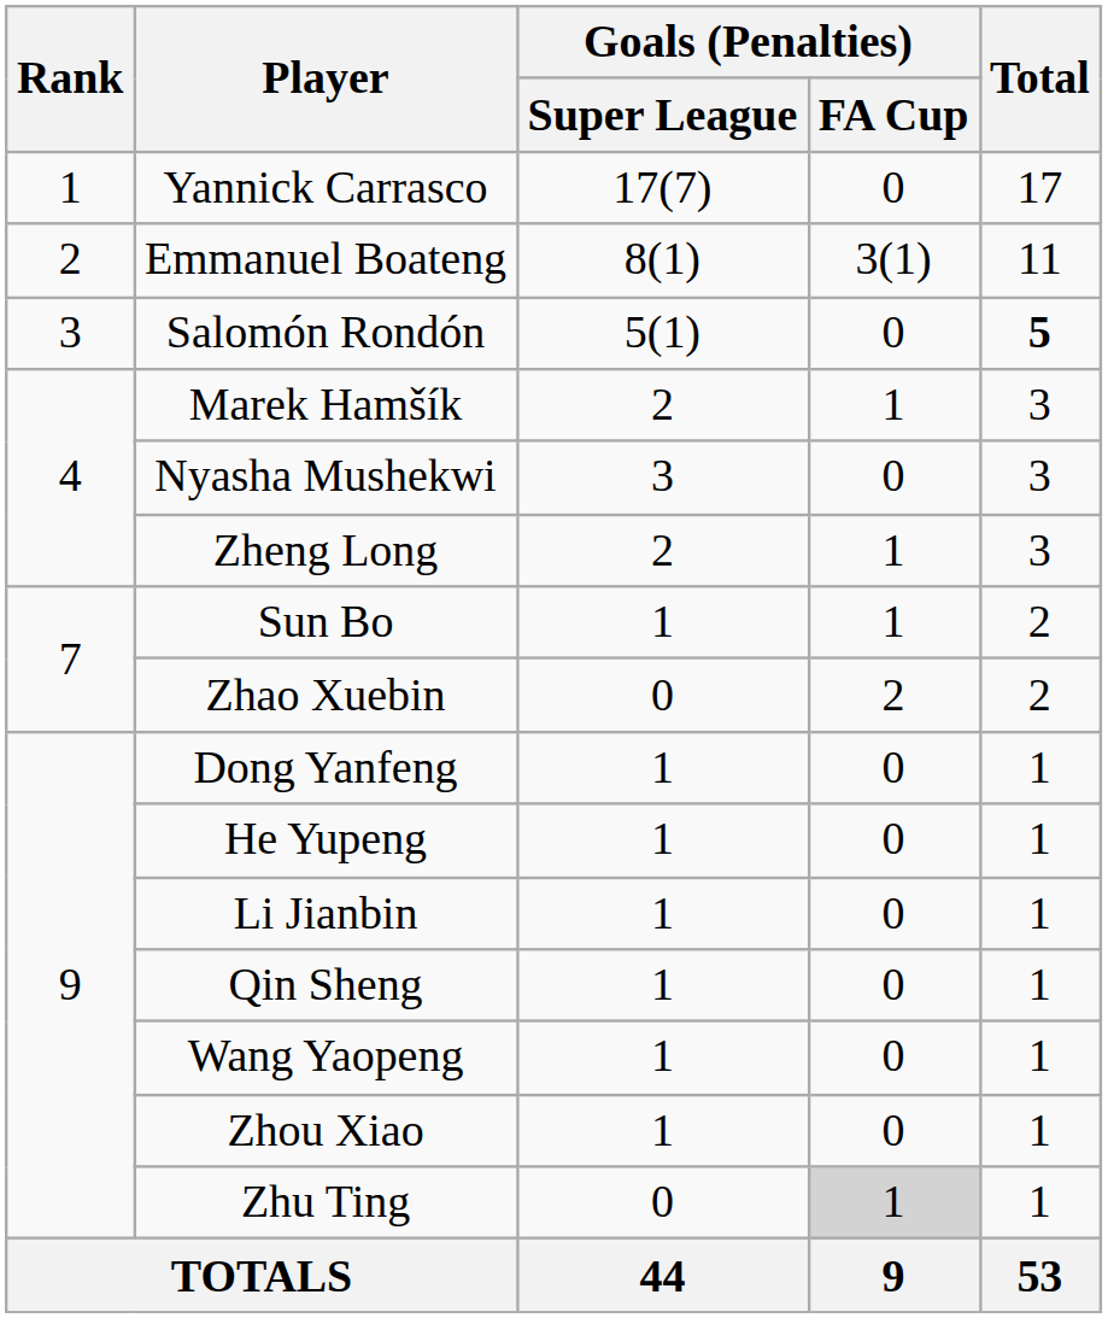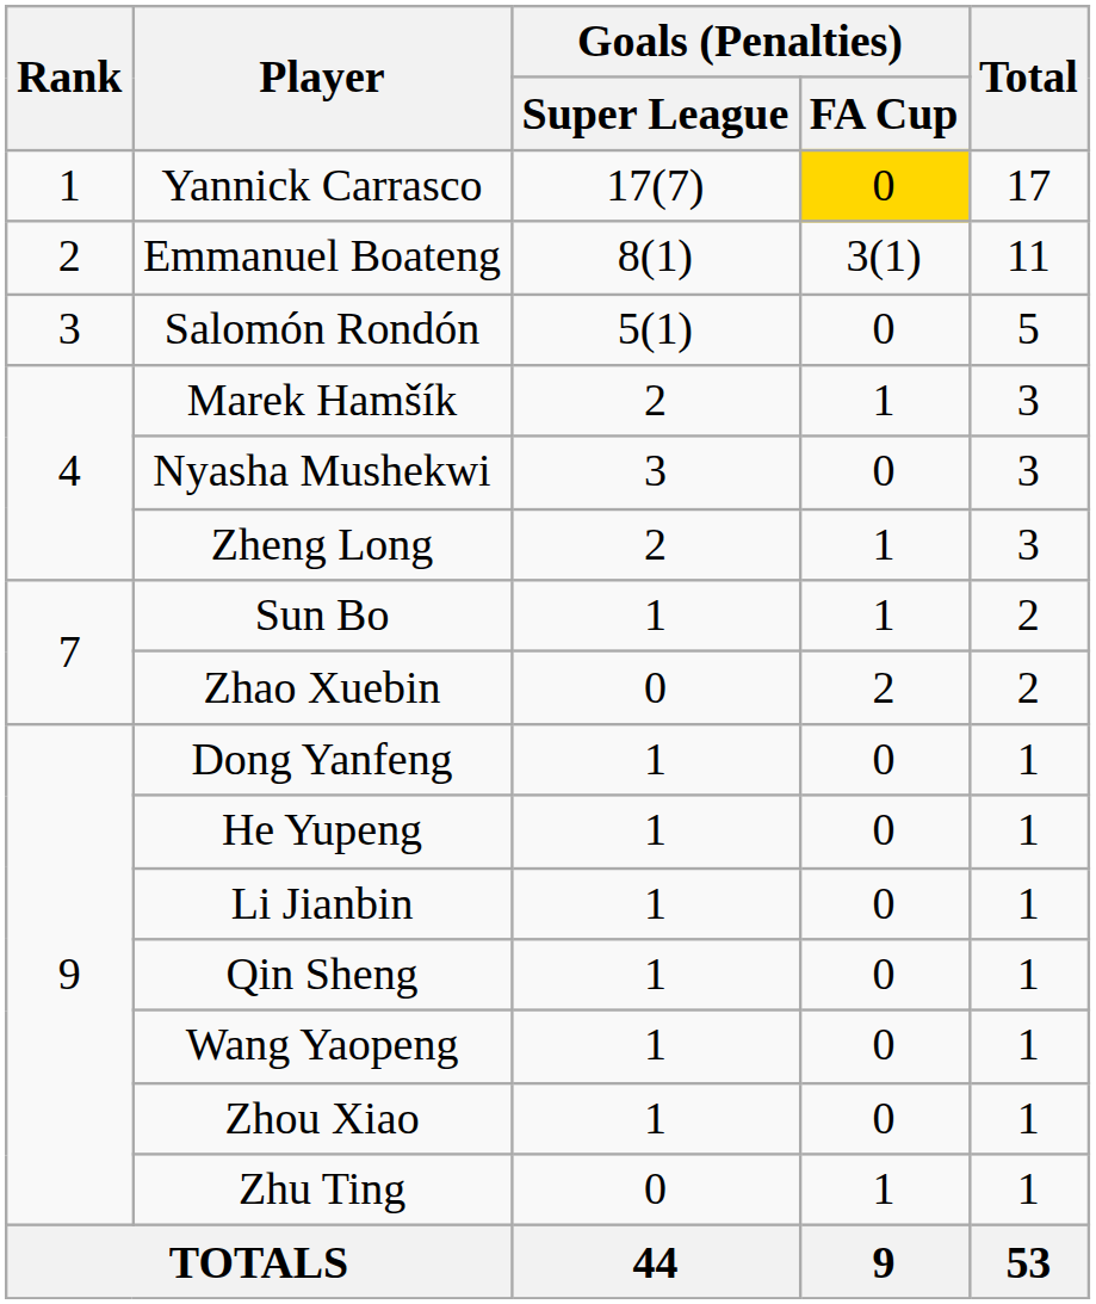 <table class="wikitable" style="text-align:center">
 <tr>
 <th rowspan="2">Rank</th>
 <th rowspan="2">Player</th>
 <th colspan="2">Goals (Penalties)</th>
 <th rowspan="2">Total</th>
 </tr>
 <tr>
 <th>Super League</th>
 <th>FA Cup</th>
 </tr>
 <tr>
 <td>1</td>
 <td>Yannick Carrasco</td>
 <td>17(7)</td>
-<td>0</td>
+<td style="background: gold;">0</td>
 <td>17</td>
 </tr>
 <tr>
 <td>2</td>
 <td>Emmanuel Boateng</td>
 <td>8(1)</td>
 <td>3(1)</td>
 <td>11</td>
 </tr>
 <tr>
 <td>3</td>
 <td>Salomón Rondón</td>
 <td>5(1)</td>
 <td>0</td>
-<td><strong>5</strong></td>
+<td>5</td>
 </tr>
 <tr>
 <td rowspan="3">4</td>
 <td>Marek Hamšík</td>
 <td>2</td>
 <td>1</td>
 <td>3</td>
 </tr>
 <tr>
 <td>Nyasha Mushekwi</td>
 <td>3</td>
 <td>0</td>
 <td>3</td>
 </tr>
 <tr>
 <td>Zheng Long</td>
 <td>2</td>
 <td>1</td>
 <td>3</td>
 </tr>
 <tr>
 <td rowspan="2">7</td>
 <td>Sun Bo</td>
 <td>1</td>
 <td>1</td>
 <td>2</td>
 </tr>
 <tr>
 <td>Zhao Xuebin</td>
 <td>0</td>
 <td>2</td>
 <td>2</td>
 </tr>
 <tr>
 <td rowspan="7">9</td>
 <td>Dong Yanfeng</td>
 <td>1</td>
 <td>0</td>
 <td>1</td>
 </tr>
 <tr>
 <td>He Yupeng</td>
 <td>1</td>
 <td>0</td>
 <td>1</td>
 </tr>
 <tr>
 <td>Li Jianbin</td>
 <td>1</td>
 <td>0</td>
 <td>1</td>
 </tr>
 <tr>
 <td>Qin Sheng</td>
 <td>1</td>
 <td>0</td>
 <td>1</td>
 </tr>
 <tr>
 <td>Wang Yaopeng</td>
 <td>1</td>
 <td>0</td>
 <td>1</td>
 </tr>
 <tr>
 <td>Zhou Xiao</td>
 <td>1</td>
 <td>0</td>
 <td>1</td>
 </tr>
 <tr>
 <td>Zhu Ting</td>
 <td>0</td>
-<td style="background: lightgrey;">1</td>
+<td>1</td>
 <td>1</td>
 </tr>
 <tr>
 <th colspan="2">TOTALS</th>
 <th><strong>44</strong></th>
 <th><strong>9</strong></th>
 <th><strong>53</strong></th>
 </tr>
 </table>
